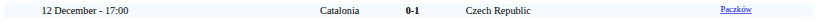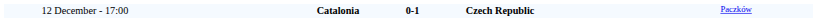 <table style="width: 100%; background:#F5FAFF;" cellspacing="0">
 <tr>
 <td align=center rowspan=3 width=20%>12 December - 17:00</td>
 </tr>
 <tr>
-<td width=24% align=right>Catalonia</td>
+<td width=24% align=right><strong>Catalonia</strong></td>
 <td align=center width=13%><strong>0-1</strong></td>
-<td width=24%>Czech Republic</td>
+<td width=24%><strong>Czech Republic</strong></td>
 <td style=font-size:85% rowspan=3 valign=top align=center><a href='#'>Paczków</a></td>
 </tr>
 <tr style=font-size:85%>
 <td align=right valign=top></td>
 <td></td>
 <td></td>
 </tr>
 </table>
